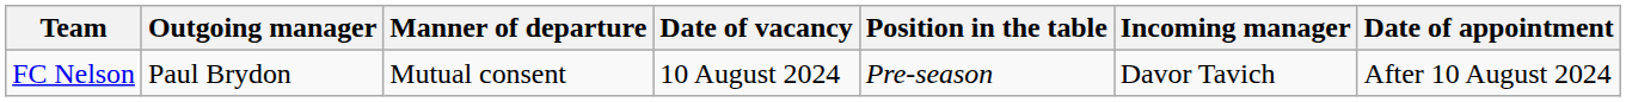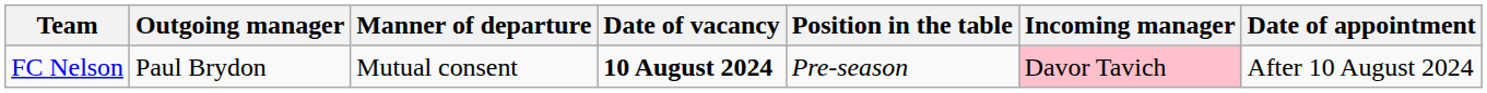 <table class="wikitable">
 <tr>
 <th>Team</th>
 <th>Outgoing manager</th>
 <th>Manner of departure</th>
 <th>Date of vacancy</th>
 <th>Position in the table</th>
 <th>Incoming manager</th>
 <th>Date of appointment</th>
 </tr>
 <tr>
 <td><a href='#'>FC Nelson</a></td>
 <td>Paul Brydon</td>
 <td>Mutual consent</td>
-<td>10 August 2024</td>
+<td><strong>10 August 2024</strong></td>
 <td rowspan="5"><em>Pre-season</em></td>
-<td>Davor Tavich</td>
+<td style="background: pink;">Davor Tavich</td>
 <td>After 10 August 2024</td>
 </tr>
 </table>
